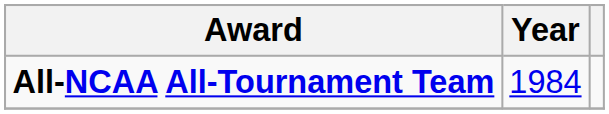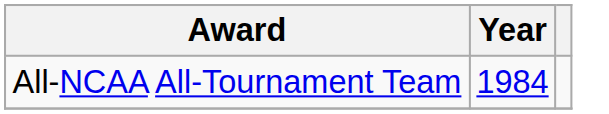 <table class="wikitable">
 <tr>
 <th>Award</th>
 <th>Year</th>
 <th></th>
 </tr>
 <tr>
-<td><strong>All-<a href='#'>NCAA</a> <a href='#'>All-Tournament Team</a></strong></td>
+<td>All-<a href='#'>NCAA</a> <a href='#'>All-Tournament Team</a></td>
 <td><a href='#'>1984</a></td>
 <td></td>
 </tr>
 <tr>
 </tr>
 </table>
